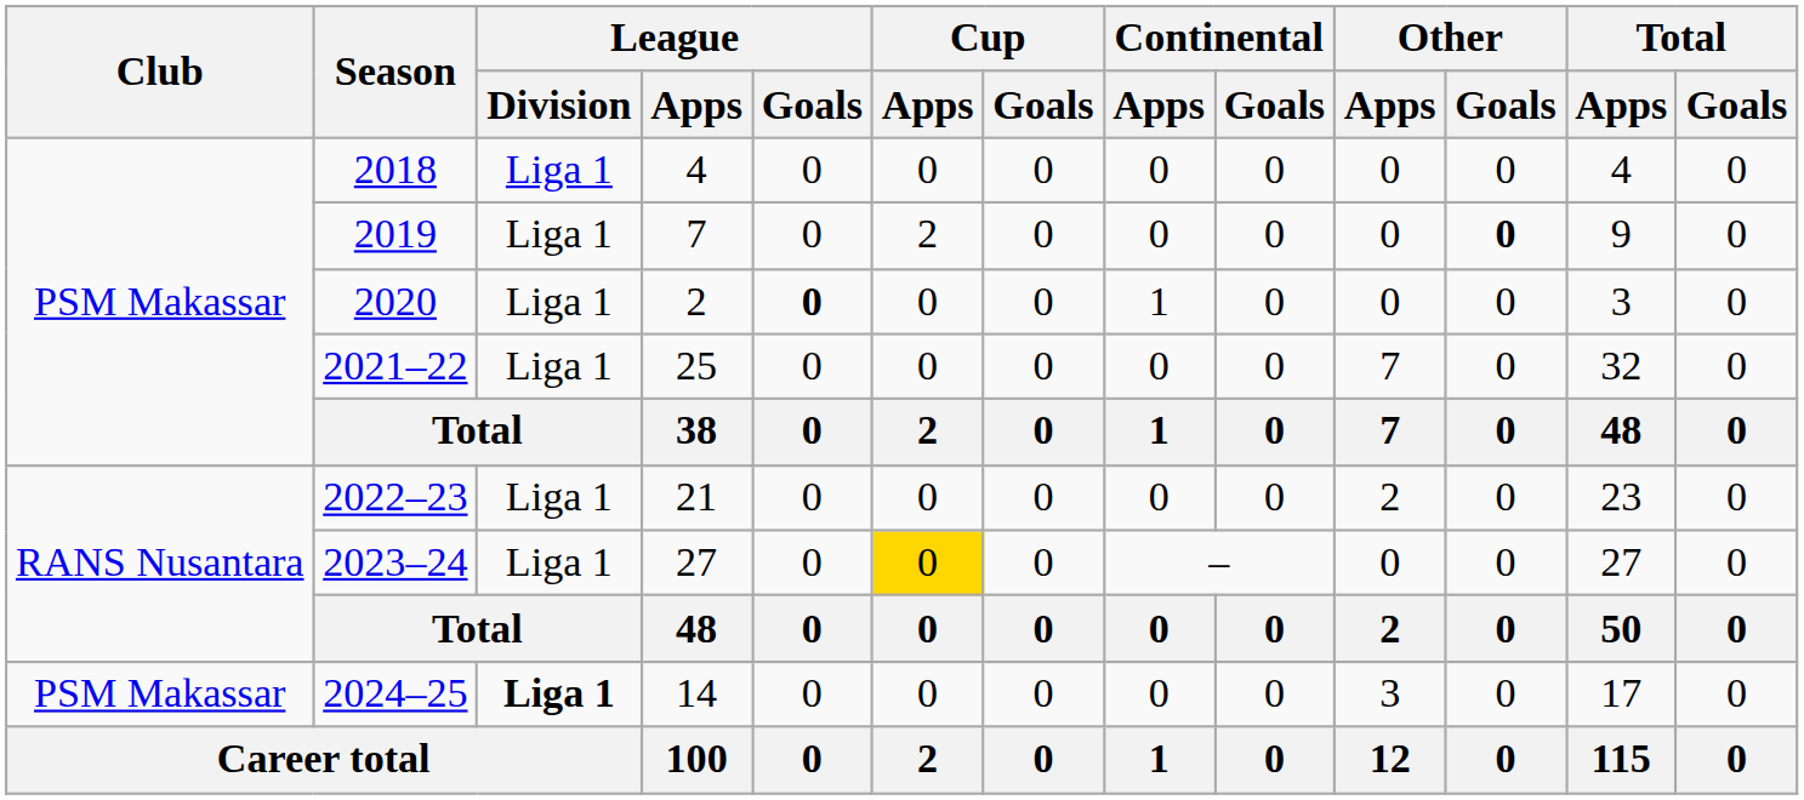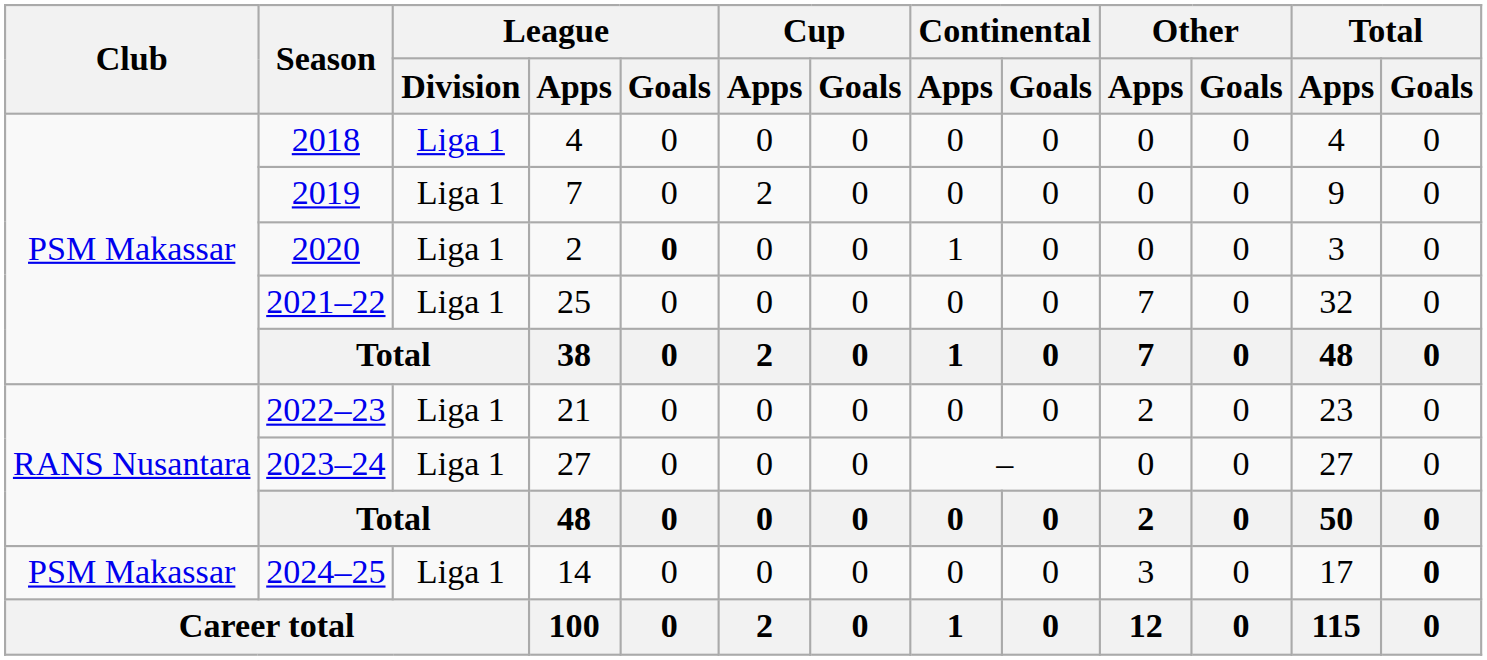 <table class="wikitable" style="text-align:center">
 <tr>
 <th rowspan="2">Club</th>
 <th rowspan="2">Season</th>
 <th colspan="3">League</th>
 <th colspan="2">Cup</th>
 <th colspan="2">Continental</th>
 <th colspan="2">Other</th>
 <th colspan="2">Total</th>
 </tr>
 <tr>
 <th>Division</th>
 <th>Apps</th>
 <th>Goals</th>
 <th>Apps</th>
 <th>Goals</th>
 <th>Apps</th>
 <th>Goals</th>
 <th>Apps</th>
 <th>Goals</th>
 <th>Apps</th>
 <th>Goals</th>
 </tr>
 <tr>
 <td rowspan="5" valign="center"><a href='#'>PSM Makassar</a></td>
 <td><a href='#'>2018</a></td>
 <td rowspan="1" valign="center"><a href='#'>Liga 1</a></td>
 <td>4</td>
 <td>0</td>
 <td>0</td>
 <td>0</td>
 <td>0</td>
 <td>0</td>
 <td>0</td>
 <td>0</td>
 <td>4</td>
 <td>0</td>
 </tr>
 <tr>
 <td><a href='#'>2019</a></td>
 <td rowspan="1" valign="center">Liga 1</td>
 <td>7</td>
 <td>0</td>
 <td>2</td>
 <td>0</td>
 <td>0</td>
 <td>0</td>
 <td>0</td>
-<td><strong>0</strong></td>
+<td>0</td>
 <td>9</td>
 <td>0</td>
 </tr>
 <tr>
 <td><a href='#'>2020</a></td>
 <td rowspan="1" valign="center">Liga 1</td>
 <td>2</td>
 <td><strong>0</strong></td>
 <td>0</td>
 <td>0</td>
 <td>1</td>
 <td>0</td>
 <td>0</td>
 <td>0</td>
 <td>3</td>
 <td>0</td>
 </tr>
 <tr>
 <td><a href='#'>2021–22</a></td>
 <td rowspan="1" valign="center">Liga 1</td>
 <td>25</td>
 <td>0</td>
 <td>0</td>
 <td>0</td>
 <td>0</td>
 <td>0</td>
 <td>7</td>
 <td>0</td>
 <td>32</td>
 <td>0</td>
 </tr>
 <tr>
 <th colspan="2">Total</th>
 <th>38</th>
 <th>0</th>
 <th>2</th>
 <th>0</th>
 <th>1</th>
 <th>0</th>
 <th>7</th>
 <th>0</th>
 <th>48</th>
 <th>0</th>
 </tr>
 <tr>
 <td rowspan="3"><a href='#'>RANS Nusantara</a></td>
 <td><a href='#'>2022–23</a></td>
 <td rowspan="1">Liga 1</td>
 <td>21</td>
 <td>0</td>
 <td>0</td>
 <td>0</td>
 <td>0</td>
 <td>0</td>
 <td>2</td>
 <td>0</td>
 <td>23</td>
 <td>0</td>
 </tr>
 <tr>
 <td><a href='#'>2023–24</a></td>
 <td rowspan="1">Liga 1</td>
 <td>27</td>
 <td>0</td>
-<td style="background: gold;">0</td>
+<td>0</td>
 <td>0</td>
 <td colspan="2">–</td>
 <td>0</td>
 <td>0</td>
 <td>27</td>
 <td>0</td>
 </tr>
 <tr>
 <th colspan="2">Total</th>
 <th>48</th>
 <th>0</th>
 <th>0</th>
 <th>0</th>
 <th>0</th>
 <th>0</th>
 <th>2</th>
 <th>0</th>
 <th>50</th>
 <th>0</th>
 </tr>
 <tr>
 <td rowspan="1"><a href='#'>PSM Makassar</a></td>
 <td><a href='#'>2024–25</a></td>
-<td rowspan="1"><strong>Liga 1</strong></td>
+<td rowspan="1">Liga 1</td>
 <td>14</td>
 <td>0</td>
 <td>0</td>
 <td>0</td>
 <td>0</td>
 <td>0</td>
 <td>3</td>
 <td>0</td>
 <td>17</td>
-<td>0</td>
+<td><strong>0</strong></td>
 </tr>
 <tr>
 <th colspan="3">Career total</th>
 <th>100</th>
 <th>0</th>
 <th>2</th>
 <th>0</th>
 <th>1</th>
 <th>0</th>
 <th>12</th>
 <th>0</th>
 <th>115</th>
 <th>0</th>
 </tr>
 </table>
